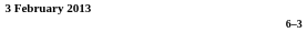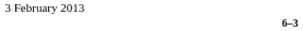 <table style="width:100%;" cellspacing="1">
 <tr>
 <th width=25%></th>
 <th width=10%></th>
 <th></th>
 </tr>
 <tr>
-<td><strong>3 February 2013</strong></td>
+<td>3 February 2013</td>
 </tr>
 <tr style=font-size:90%>
 <td align=right><strong></strong></td>
 <td align=center><strong>6–3</strong></td>
 <td><strong></strong></td>
 </tr>
 </table>
